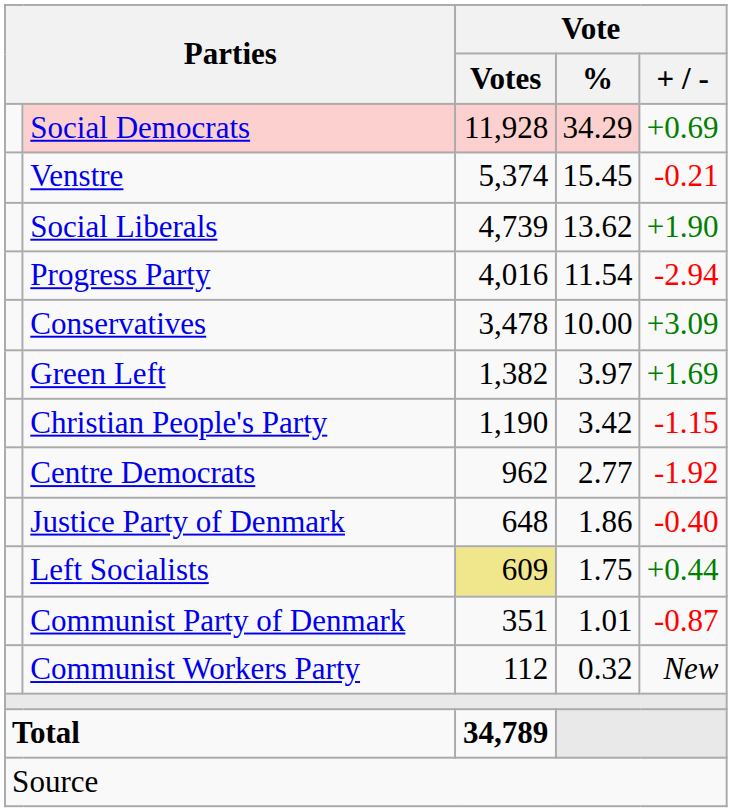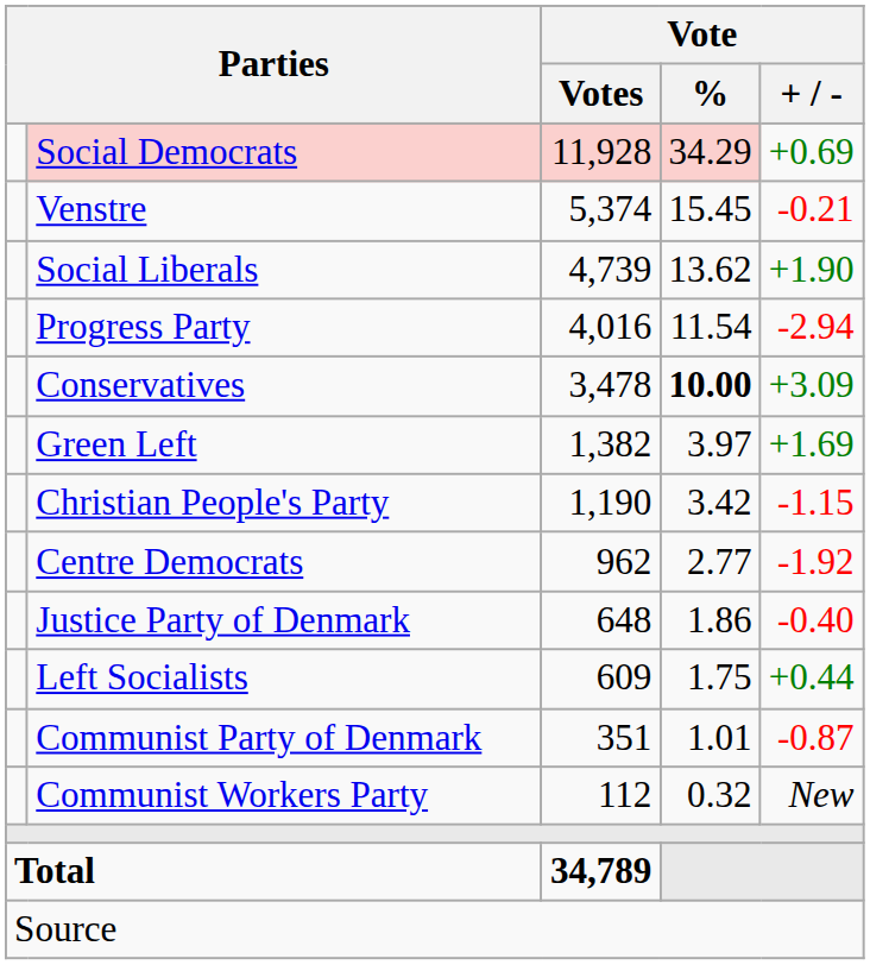 <table class="wikitable" style="text-align:right;">
 <tr>
 <th style="text-align:centre;" rowspan="2" colspan="2" width="225">Parties</th>
 <th colspan="3">Vote</th>
 </tr>
 <tr>
 <th width="15">Votes</th>
 <th width="15">%</th>
 <th width="15">+ / -</th>
 </tr>
 <tr>
 <td width="2" style="color:inherit;background:"></td>
 <td bgcolor=#fbd0ce  align="left"><a href='#'>Social Democrats</a></td>
 <td bgcolor=#fbd0ce>11,928</td>
 <td bgcolor=#fbd0ce>34.29</td>
 <td style=color:green;>+0.69</td>
 </tr>
 <tr>
 <td width="2" style="color:inherit;background:"></td>
 <td align="left"><a href='#'>Venstre</a></td>
 <td>5,374</td>
 <td>15.45</td>
 <td style=color:red;>-0.21</td>
 </tr>
 <tr>
 <td width="2" style="color:inherit;background:"></td>
 <td align="left"><a href='#'>Social Liberals</a></td>
 <td>4,739</td>
 <td>13.62</td>
 <td style=color:green;>+1.90</td>
 </tr>
 <tr>
 <td width="2" style="color:inherit;background:"></td>
 <td align="left"><a href='#'>Progress Party</a></td>
 <td>4,016</td>
 <td>11.54</td>
 <td style=color:red;>-2.94</td>
 </tr>
 <tr>
 <td width="2" style="color:inherit;background:"></td>
 <td align="left"><a href='#'>Conservatives</a></td>
 <td>3,478</td>
-<td>10.00</td>
+<td><strong>10.00</strong></td>
 <td style=color:green;>+3.09</td>
 </tr>
 <tr>
 <td width="2" style="color:inherit;background:"></td>
 <td align="left"><a href='#'>Green Left</a></td>
 <td>1,382</td>
 <td>3.97</td>
 <td style=color:green;>+1.69</td>
 </tr>
 <tr>
 <td width="2" style="color:inherit;background:"></td>
 <td align="left"><a href='#'>Christian People's Party</a></td>
 <td>1,190</td>
 <td>3.42</td>
 <td style=color:red;>-1.15</td>
 </tr>
 <tr>
 <td width="2" style="color:inherit;background:"></td>
 <td align="left"><a href='#'>Centre Democrats</a></td>
 <td>962</td>
 <td>2.77</td>
 <td style=color:red;>-1.92</td>
 </tr>
 <tr>
 <td width="2" style="color:inherit;background:"></td>
 <td align="left"><a href='#'>Justice Party of Denmark</a></td>
 <td>648</td>
 <td>1.86</td>
 <td style=color:red;>-0.40</td>
 </tr>
 <tr>
 <td width="2" style="color:inherit;background:"></td>
 <td align="left"><a href='#'>Left Socialists</a></td>
-<td style="background: khaki;">609</td>
+<td>609</td>
 <td>1.75</td>
 <td style=color:green;>+0.44</td>
 </tr>
 <tr>
 <td width="2" style="color:inherit;background:"></td>
 <td align="left"><a href='#'>Communist Party of Denmark</a></td>
 <td>351</td>
 <td>1.01</td>
 <td style=color:red;>-0.87</td>
 </tr>
 <tr>
 <td width="2" style="color:inherit;background:"></td>
 <td align="left"><a href='#'>Communist Workers Party</a></td>
 <td>112</td>
 <td>0.32</td>
 <td><em>New</em></td>
 </tr>
 <tr>
 <td colspan="7" bgcolor="#E9E9E9"></td>
 </tr>
 <tr>
 <td align="left" colspan="2"><strong>Total</strong></td>
 <td><strong>34,789</strong></td>
 <td bgcolor="#E9E9E9" colspan="2"></td>
 </tr>
 <tr>
 <td align="left" colspan="6">Source</td>
 </tr>
 </table>
